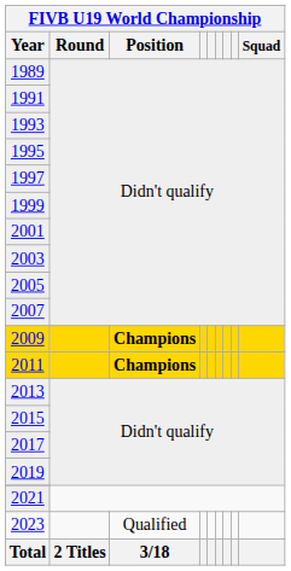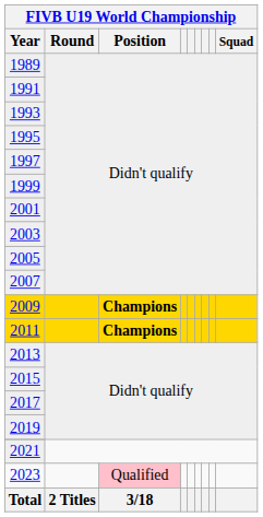 <table class="wikitable" style="text-align: center;">
 <tr>
 <th colspan=9><a href='#'>FIVB U19 World Championship</a></th>
 </tr>
 <tr>
 <th>Year</th>
 <th>Round</th>
 <th>Position</th>
 <th></th>
 <th></th>
 <th></th>
 <th></th>
 <th></th>
 <th><small>Squad</small></th>
 </tr>
 <tr bgcolor="efefef">
 <td> <a href='#'>1989</a></td>
 <td colspan=9 rowspan=10>Didn't qualify</td>
 </tr>
 <tr bgcolor="efefef">
 <td> <a href='#'>1991</a></td>
 </tr>
 <tr bgcolor="efefef">
 <td> <a href='#'>1993</a></td>
 </tr>
 <tr bgcolor="efefef">
 <td> <a href='#'>1995</a></td>
 </tr>
 <tr bgcolor="efefef">
 <td> <a href='#'>1997</a></td>
 </tr>
 <tr bgcolor="efefef">
 <td> <a href='#'>1999</a></td>
 </tr>
 <tr bgcolor="efefef">
 <td> <a href='#'>2001</a></td>
 </tr>
 <tr bgcolor="efefef">
 <td> <a href='#'>2003</a></td>
 </tr>
 <tr bgcolor="efefef">
 <td> <a href='#'>2005</a></td>
 </tr>
 <tr bgcolor="efefef">
 <td> <a href='#'>2007</a></td>
 </tr>
 <tr bgcolor=gold>
 <td> <a href='#'>2009</a></td>
 <td></td>
 <td><strong>Champions</strong></td>
 <td></td>
 <td></td>
 <td></td>
 <td></td>
 <td></td>
 <td></td>
 </tr>
 <tr bgcolor=gold>
 <td> <a href='#'>2011</a></td>
 <td></td>
 <td><strong>Champions</strong></td>
 <td></td>
 <td></td>
 <td></td>
 <td></td>
 <td></td>
 <td></td>
 </tr>
 <tr bgcolor="efefef">
 <td> <a href='#'>2013</a></td>
 <td colspan=9 rowspan=5>Didn't qualify</td>
 </tr>
 <tr bgcolor="efefef">
 <td> <a href='#'>2015</a></td>
 </tr>
 <tr bgcolor="efefef">
 <td> <a href='#'>2017</a></td>
 </tr>
 <tr bgcolor="efefef">
 <td> <a href='#'>2019</a></td>
 </tr>
 <tr>
 </tr>
 <tr bgcolor="efefef">
 <td> <a href='#'>2021</a></td>
 </tr>
 <tr>
 <td> <a href='#'>2023</a></td>
 <td></td>
-<td>Qualified</td>
+<td style="background: pink;">Qualified</td>
 <td></td>
 <td></td>
 <td></td>
 <td></td>
 <td></td>
 <td></td>
 </tr>
 <tr>
 <th>Total</th>
 <th>2 Titles</th>
 <th>3/18</th>
 <th></th>
 <th></th>
 <th></th>
 <th></th>
 <th></th>
 <th></th>
 </tr>
 </table>
